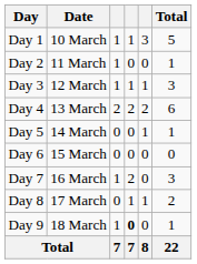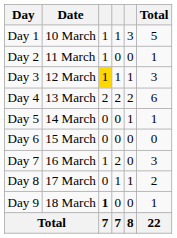 <table class="wikitable" style="font-size:100%">
 <tr>
 <th>Day</th>
 <th>Date</th>
 <th></th>
 <th></th>
 <th></th>
 <th>Total</th>
 </tr>
 <tr>
 <td align="center">Day 1</td>
 <td>10 March</td>
 <td align="center">1</td>
 <td align="center">1</td>
 <td align="center">3</td>
 <td align="center">5</td>
 </tr>
 <tr>
 <td align="center">Day 2</td>
 <td>11 March</td>
 <td align="center">1</td>
 <td align="center">0</td>
 <td align="center">0</td>
 <td align="center">1</td>
 </tr>
 <tr>
 <td align="center">Day 3</td>
 <td>12 March</td>
-<td align="center">1</td>
+<td align="center" style="background: gold;">1</td>
 <td align="center">1</td>
 <td align="center">1</td>
 <td align="center">3</td>
 </tr>
 <tr>
 <td align="center">Day 4</td>
 <td>13 March</td>
 <td align="center">2</td>
 <td align="center">2</td>
 <td align="center">2</td>
 <td align="center">6</td>
 </tr>
 <tr>
 <td align="center">Day 5</td>
 <td>14 March</td>
 <td align="center">0</td>
 <td align="center">0</td>
 <td align="center">1</td>
 <td align="center">1</td>
 </tr>
 <tr>
 <td align="center">Day 6</td>
 <td>15 March</td>
 <td align="center">0</td>
 <td align="center">0</td>
 <td align="center">0</td>
 <td align="center">0</td>
 </tr>
 <tr>
 <td align="center">Day 7</td>
 <td>16 March</td>
 <td align="center">1</td>
 <td align="center">2</td>
 <td align="center">0</td>
 <td align="center">3</td>
 </tr>
 <tr>
 <td align="center">Day 8</td>
 <td>17 March</td>
 <td align="center">0</td>
 <td align="center">1</td>
 <td align="center">1</td>
 <td align="center">2</td>
 </tr>
 <tr>
 <td align="center">Day 9</td>
 <td>18 March</td>
-<td align="center">1</td>
-<td align="center"><strong>0</strong></td>
+<td align="center"><strong>1</strong></td>
+<td align="center">0</td>
 <td align="center">0</td>
 <td align="center">1</td>
 </tr>
 <tr>
 <th colspan=2>Total</th>
 <th>7</th>
 <th>7</th>
 <th>8</th>
 <th>22</th>
 </tr>
 </table>
